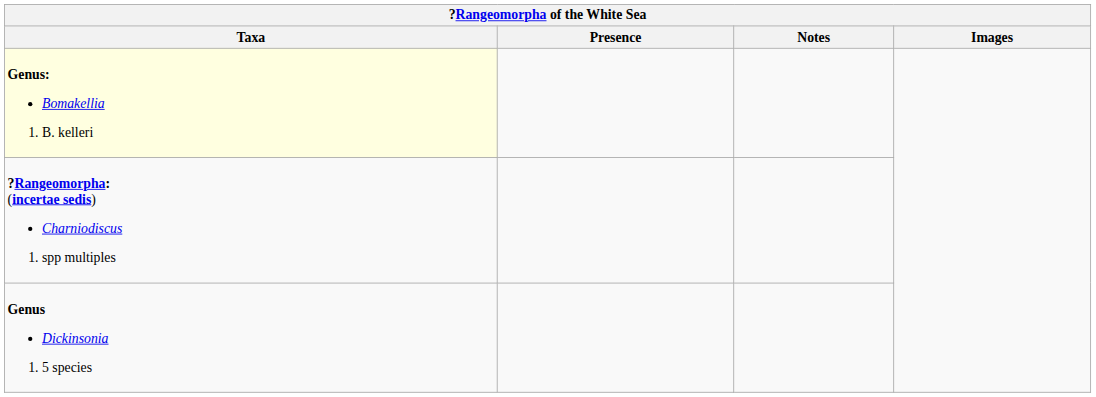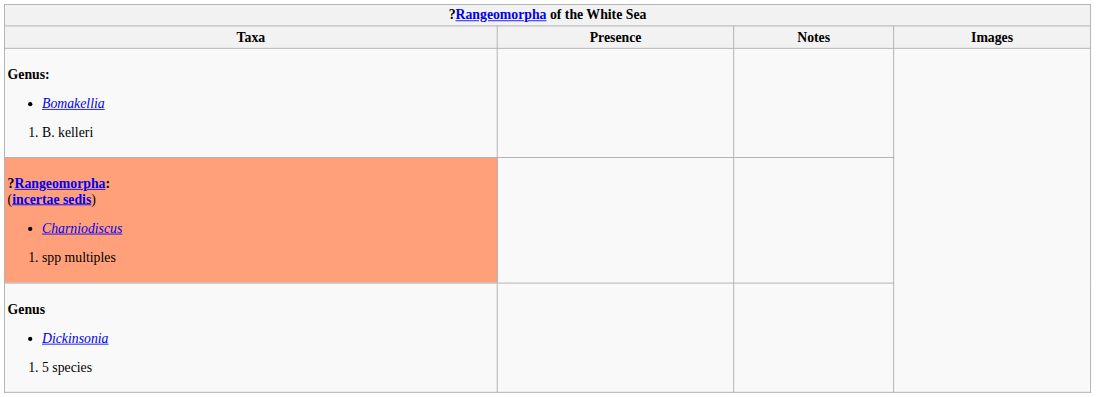 <table class="wikitable" align="center" width="100%">
 <tr>
 <th colspan="5" align="center"><strong>?<a href='#'>Rangeomorpha</a> of the White Sea</strong></th>
 </tr>
 <tr>
 <th>Taxa</th>
 <th>Presence</th>
 <th>Notes</th>
 <th>Images</th>
 </tr>
 <tr>
-<td style="background: lightyellow;"><br><strong>Genus:</strong><ul><li><em><a href='#'>Bomakellia</a></em></li></ul><ol><li>B. kelleri</li></ol></td>
+<td><br><strong>Genus:</strong><ul><li><em><a href='#'>Bomakellia</a></em></li></ul><ol><li>B. kelleri</li></ol></td>
 <td></td>
 <td></td>
 <td rowspan="99"><br><br><br><br><br></td>
 </tr>
 <tr>
-<td><br><strong>?<a href='#'>Rangeomorpha</a>:</strong><br>(<strong><a href='#'>incertae sedis</a></strong>)<ul><li><em><a href='#'>Charniodiscus</a></em></li></ul><ol><li>spp multiples</li></ol></td>
+<td style="background: lightsalmon;"><br><strong>?<a href='#'>Rangeomorpha</a>:</strong><br>(<strong><a href='#'>incertae sedis</a></strong>)<ul><li><em><a href='#'>Charniodiscus</a></em></li></ul><ol><li>spp multiples</li></ol></td>
 <td></td>
 <td></td>
 </tr>
 <tr>
 <td><br><strong>Genus</strong><ul><li><em><a href='#'>Dickinsonia</a></em></li></ul><ol><li>5 species</li></ol></td>
 <td></td>
 <td></td>
 </tr>
 </table>
